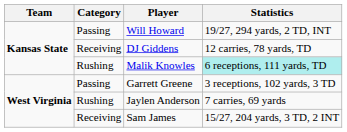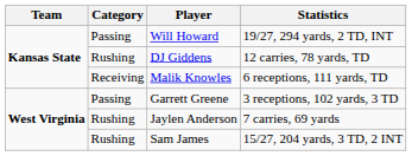 <table class="wikitable" style="float: right;">
 <tr>
 <th>Team</th>
 <th>Category</th>
 <th>Player</th>
 <th>Statistics</th>
 </tr>
 <tr>
 <td rowspan=3><strong>Kansas State</strong></td>
 <td>Passing</td>
 <td><a href='#'>Will Howard</a></td>
 <td>19/27, 294 yards, 2 TD, INT</td>
 </tr>
 <tr>
-<td>Receiving</td>
+<td>Rushing</td>
 <td><a href='#'>DJ Giddens</a></td>
 <td>12 carries, 78 yards, TD</td>
 </tr>
 <tr>
-<td>Rushing</td>
+<td>Receiving</td>
 <td><a href='#'>Malik Knowles</a></td>
-<td style="background: paleturquoise;">6 receptions, 111 yards, TD</td>
+<td>6 receptions, 111 yards, TD</td>
 </tr>
 <tr>
 <td rowspan=3><strong>West Virginia</strong></td>
 <td>Passing</td>
 <td>Garrett Greene</td>
 <td>3 receptions, 102 yards, 3 TD</td>
 </tr>
 <tr>
 <td>Rushing</td>
 <td>Jaylen Anderson</td>
 <td>7 carries, 69 yards</td>
 </tr>
 <tr>
-<td>Receiving</td>
+<td>Rushing</td>
 <td>Sam James</td>
 <td>15/27, 204 yards, 3 TD, 2 INT</td>
 </tr>
 </table>
